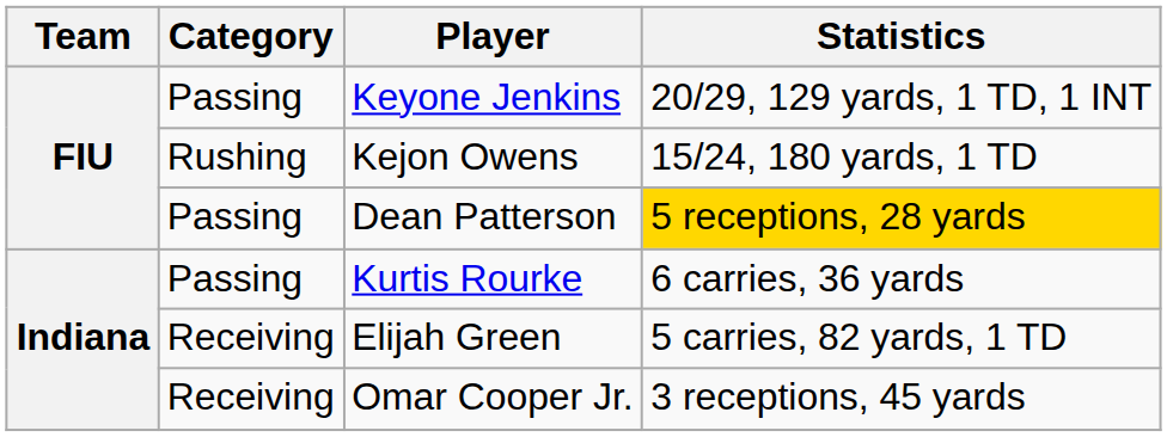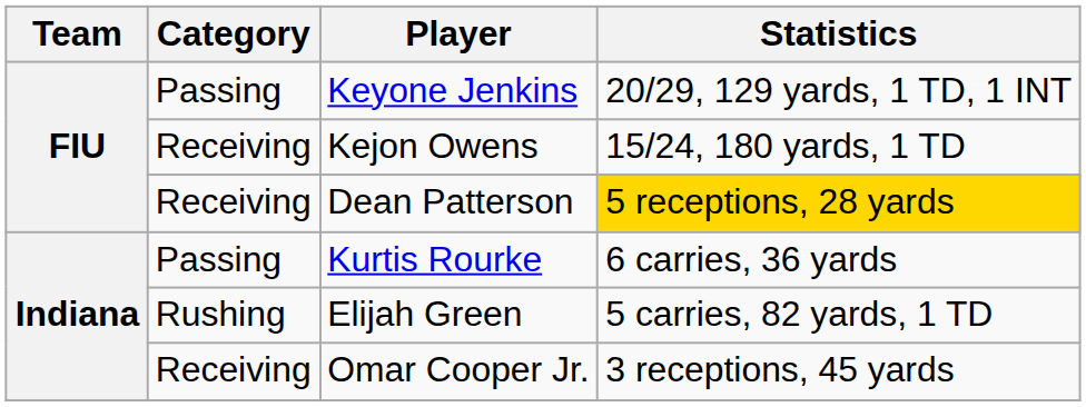 <table class="wikitable" style="float:right">
 <tr>
 <th>Team</th>
 <th>Category</th>
 <th>Player</th>
 <th>Statistics</th>
 </tr>
 <tr>
 <th rowspan=3>FIU</th>
 <td>Passing</td>
 <td><a href='#'>Keyone Jenkins</a></td>
 <td>20/29, 129 yards, 1 TD, 1 INT</td>
 </tr>
 <tr>
-<td>Rushing</td>
+<td>Receiving</td>
 <td>Kejon Owens</td>
 <td>15/24, 180 yards, 1 TD</td>
 </tr>
 <tr>
-<td>Passing</td>
+<td>Receiving</td>
 <td>Dean Patterson</td>
 <td style="background: gold;">5 receptions, 28 yards</td>
 </tr>
 <tr>
 <th rowspan=3>Indiana</th>
 <td>Passing</td>
 <td><a href='#'>Kurtis Rourke</a></td>
 <td>6 carries, 36 yards</td>
 </tr>
 <tr>
-<td>Receiving</td>
+<td>Rushing</td>
 <td>Elijah Green</td>
 <td>5 carries, 82 yards, 1 TD</td>
 </tr>
 <tr>
 <td>Receiving</td>
 <td>Omar Cooper Jr.</td>
 <td>3 receptions, 45 yards</td>
 </tr>
 </table>
